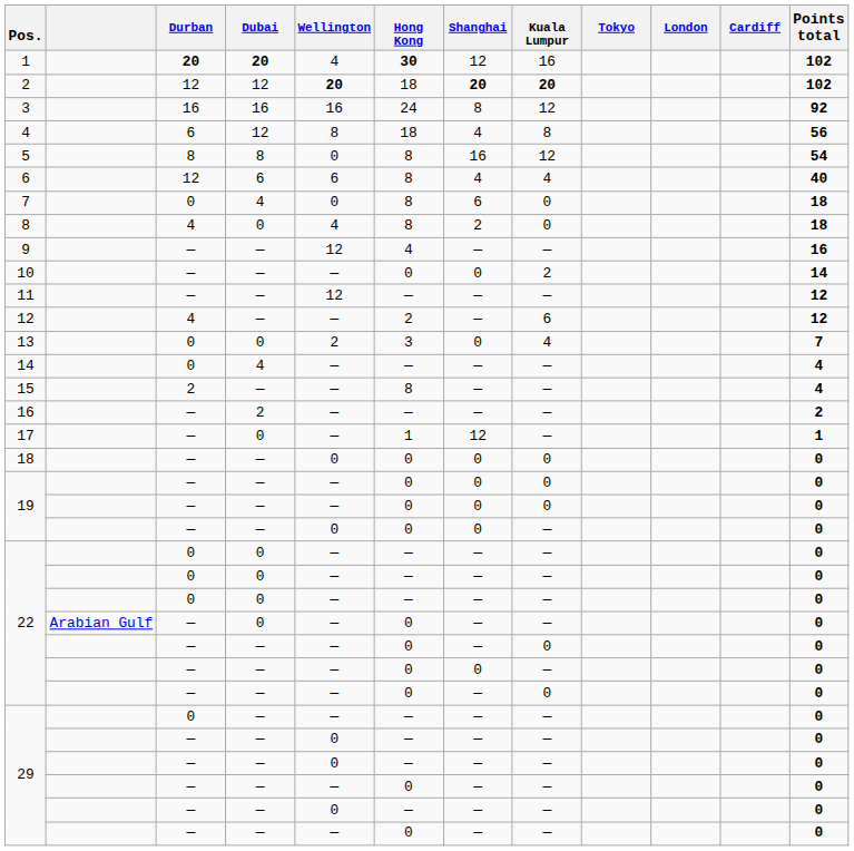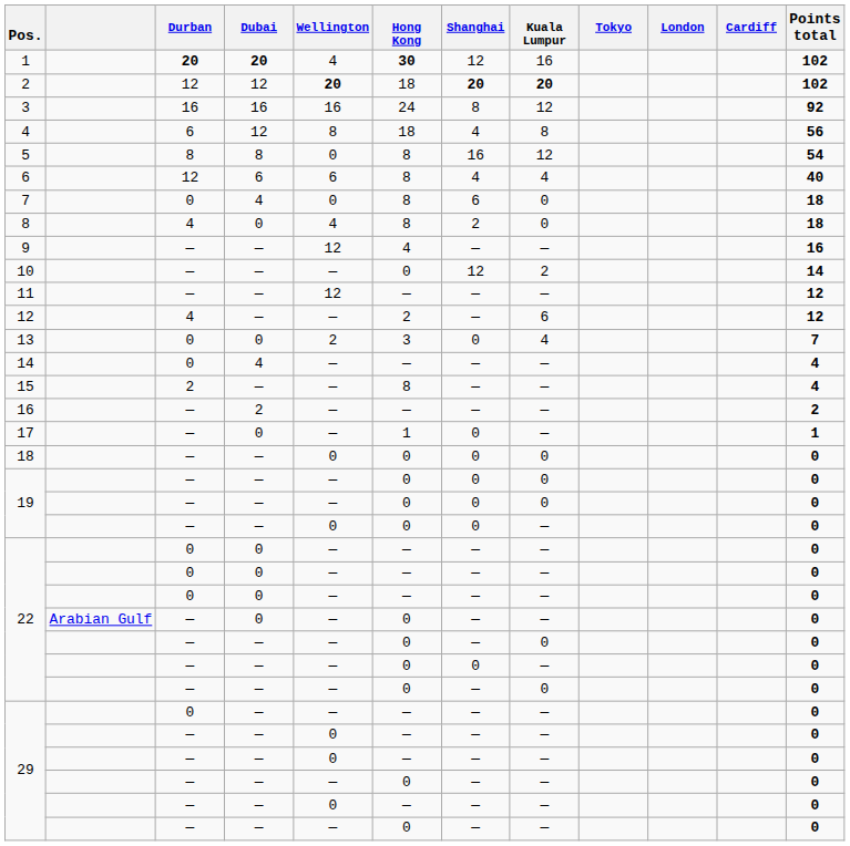 <table class="wikitable" style="text-align:center;">
 <tr>
 <th style="width:2em;"><br>Pos.</th>
 <th></th>
 <th style="width:5.2em; vertical-align:top; font-size:85%;"><br><a href='#'>Durban</a></th>
 <th style="width:5.2em; vertical-align:top; font-size:85%;"><br><a href='#'>Dubai</a></th>
 <th style="width:5.2em; vertical-align:top; font-size:85%;"><br><a href='#'>Wellington</a></th>
 <th style="width:5.2em; vertical-align:top; font-size:85%;"><br><a href='#'>Hong Kong</a></th>
 <th style="width:5.2em; vertical-align:top; font-size:85%;"><br> <a href='#'>Shanghai</a></th>
 <th style="width:5.2em; vertical-align:top; font-size:85%;"><br>Kuala Lumpur</th>
 <th style="width:5.2em; vertical-align:top; font-size:85%;"><br><a href='#'>Tokyo</a></th>
 <th style="width:5.2em; vertical-align:top; font-size:85%;"><br><a href='#'>London</a></th>
 <th style="width:5.2em; vertical-align:top; font-size:85%;"><br><a href='#'>Cardiff</a></th>
 <th>Points<br>total</th>
 </tr>
 <tr>
 <td>1</td>
 <td align=left></td>
 <td><strong>20</strong></td>
 <td><strong>20</strong></td>
 <td>4</td>
 <td><strong>30</strong></td>
 <td>12</td>
 <td>16</td>
 <td></td>
 <td></td>
 <td></td>
 <td><strong>102</strong></td>
 </tr>
 <tr>
 <td>2</td>
 <td align=left></td>
 <td>12</td>
 <td>12</td>
 <td><strong>20</strong></td>
 <td>18</td>
 <td><strong>20</strong></td>
 <td><strong>20</strong></td>
 <td></td>
 <td></td>
 <td></td>
 <td><strong>102</strong></td>
 </tr>
 <tr>
 <td>3</td>
 <td align=left></td>
 <td>16</td>
 <td>16</td>
 <td>16</td>
 <td>24</td>
 <td>8</td>
 <td>12</td>
 <td></td>
 <td></td>
 <td></td>
 <td><strong>92</strong></td>
 </tr>
 <tr>
 <td>4</td>
 <td align=left></td>
 <td>6</td>
 <td>12</td>
 <td>8</td>
 <td>18</td>
 <td>4</td>
 <td>8</td>
 <td></td>
 <td></td>
 <td></td>
 <td><strong>56</strong></td>
 </tr>
 <tr>
 <td>5</td>
 <td align=left></td>
 <td>8</td>
 <td>8</td>
 <td>0</td>
 <td>8</td>
 <td>16</td>
 <td>12</td>
 <td></td>
 <td></td>
 <td></td>
 <td><strong>54</strong></td>
 </tr>
 <tr>
 <td>6</td>
 <td align=left></td>
 <td>12</td>
 <td>6</td>
 <td>6</td>
 <td>8</td>
 <td>4</td>
 <td>4</td>
 <td></td>
 <td></td>
 <td></td>
 <td><strong>40</strong></td>
 </tr>
 <tr>
 <td>7</td>
 <td align=left></td>
 <td>0</td>
 <td>4</td>
 <td>0</td>
 <td>8</td>
 <td>6</td>
 <td>0</td>
 <td></td>
 <td></td>
 <td></td>
 <td><strong>18</strong></td>
 </tr>
 <tr>
 <td>8</td>
 <td align=left></td>
 <td>4</td>
 <td>0</td>
 <td>4</td>
 <td>8</td>
 <td>2</td>
 <td>0</td>
 <td></td>
 <td></td>
 <td></td>
 <td><strong>18</strong></td>
 </tr>
 <tr>
 <td>9</td>
 <td align=left></td>
 <td>—</td>
 <td>—</td>
 <td>12</td>
 <td>4</td>
 <td>—</td>
 <td>—</td>
 <td></td>
 <td></td>
 <td></td>
 <td><strong>16</strong></td>
 </tr>
 <tr>
 <td>10</td>
 <td align=left></td>
 <td>—</td>
 <td>—</td>
 <td>—</td>
 <td>0</td>
-<td>0</td>
+<td>12</td>
 <td>2</td>
 <td></td>
 <td></td>
 <td></td>
 <td><strong>14</strong></td>
 </tr>
 <tr>
 <td>11</td>
 <td align=left></td>
 <td>—</td>
 <td>—</td>
 <td>12</td>
 <td>—</td>
 <td>—</td>
 <td>—</td>
 <td></td>
 <td></td>
 <td></td>
 <td><strong>12</strong></td>
 </tr>
 <tr>
 <td>12</td>
 <td align=left></td>
 <td>4</td>
 <td>—</td>
 <td>—</td>
 <td>2</td>
 <td>—</td>
 <td>6</td>
 <td></td>
 <td></td>
 <td></td>
 <td><strong>12</strong></td>
 </tr>
 <tr>
 <td>13</td>
 <td align=left></td>
 <td>0</td>
 <td>0</td>
 <td>2</td>
 <td>3</td>
 <td>0</td>
 <td>4</td>
 <td></td>
 <td></td>
 <td></td>
 <td><strong>7</strong></td>
 </tr>
 <tr>
 <td>14</td>
 <td align=left></td>
 <td>0</td>
 <td>4</td>
 <td>—</td>
 <td>—</td>
 <td>—</td>
 <td>—</td>
 <td></td>
 <td></td>
 <td></td>
 <td><strong>4</strong></td>
 </tr>
 <tr>
 <td>15</td>
 <td align=left></td>
 <td>2</td>
 <td>—</td>
 <td>—</td>
 <td>8</td>
 <td>—</td>
 <td>—</td>
 <td></td>
 <td></td>
 <td></td>
 <td><strong>4</strong></td>
 </tr>
 <tr>
 <td>16</td>
 <td align=left></td>
 <td>—</td>
 <td>2</td>
 <td>—</td>
 <td>—</td>
 <td>—</td>
 <td>—</td>
 <td></td>
 <td></td>
 <td></td>
 <td><strong>2</strong></td>
 </tr>
 <tr>
 <td>17</td>
 <td align=left></td>
 <td>—</td>
 <td>0</td>
 <td>—</td>
 <td>1</td>
-<td>12</td>
+<td>0</td>
 <td>—</td>
 <td></td>
 <td></td>
 <td></td>
 <td><strong>1</strong></td>
 </tr>
 <tr>
 <td>18</td>
 <td align=left></td>
 <td>—</td>
 <td>—</td>
 <td>0</td>
 <td>0</td>
 <td>0</td>
 <td>0</td>
 <td></td>
 <td></td>
 <td></td>
 <td><strong>0</strong></td>
 </tr>
 <tr>
 <td rowspan=3>19</td>
 <td align=left></td>
 <td>—</td>
 <td>—</td>
 <td>—</td>
 <td>0</td>
 <td>0</td>
 <td>0</td>
 <td></td>
 <td></td>
 <td></td>
 <td><strong>0</strong></td>
 </tr>
 <tr>
 <td align=left></td>
 <td>—</td>
 <td>—</td>
 <td>—</td>
 <td>0</td>
 <td>0</td>
 <td>0</td>
 <td></td>
 <td></td>
 <td></td>
 <td><strong>0</strong></td>
 </tr>
 <tr>
 <td align=left></td>
 <td>—</td>
 <td>—</td>
 <td>0</td>
 <td>0</td>
 <td>0</td>
 <td>—</td>
 <td></td>
 <td></td>
 <td></td>
 <td><strong>0</strong></td>
 </tr>
 <tr>
 <td rowspan=7>22</td>
 <td align=left></td>
 <td>0</td>
 <td>0</td>
 <td>—</td>
 <td>—</td>
 <td>—</td>
 <td>—</td>
 <td></td>
 <td></td>
 <td></td>
 <td><strong>0</strong></td>
 </tr>
 <tr>
 <td align=left></td>
 <td>0</td>
 <td>0</td>
 <td>—</td>
 <td>—</td>
 <td>—</td>
 <td>—</td>
 <td></td>
 <td></td>
 <td></td>
 <td><strong>0</strong></td>
 </tr>
 <tr>
 <td align=left></td>
 <td>0</td>
 <td>0</td>
 <td>—</td>
 <td>—</td>
 <td>—</td>
 <td>—</td>
 <td></td>
 <td></td>
 <td></td>
 <td><strong>0</strong></td>
 </tr>
 <tr>
 <td align=left> <a href='#'>Arabian Gulf</a></td>
 <td>—</td>
 <td>0</td>
 <td>—</td>
 <td>0</td>
 <td>—</td>
 <td>—</td>
 <td></td>
 <td></td>
 <td></td>
 <td><strong>0</strong></td>
 </tr>
 <tr>
 <td align=left></td>
 <td>—</td>
 <td>—</td>
 <td>—</td>
 <td>0</td>
 <td>—</td>
 <td>0</td>
 <td></td>
 <td></td>
 <td></td>
 <td><strong>0</strong></td>
 </tr>
 <tr>
 <td align=left></td>
 <td>—</td>
 <td>—</td>
 <td>—</td>
 <td>0</td>
 <td>0</td>
 <td>—</td>
 <td></td>
 <td></td>
 <td></td>
 <td><strong>0</strong></td>
 </tr>
 <tr>
 <td align=left></td>
 <td>—</td>
 <td>—</td>
 <td>—</td>
 <td>0</td>
 <td>—</td>
 <td>0</td>
 <td></td>
 <td></td>
 <td></td>
 <td><strong>0</strong></td>
 </tr>
 <tr>
 <td rowspan=6>29</td>
 <td align=left></td>
 <td>0</td>
 <td>—</td>
 <td>—</td>
 <td>—</td>
 <td>—</td>
 <td>—</td>
 <td></td>
 <td></td>
 <td></td>
 <td><strong>0</strong></td>
 </tr>
 <tr>
 <td align=left></td>
 <td>—</td>
 <td>—</td>
 <td>0</td>
 <td>—</td>
 <td>—</td>
 <td>—</td>
 <td></td>
 <td></td>
 <td></td>
 <td><strong>0</strong></td>
 </tr>
 <tr>
 <td align=left></td>
 <td>—</td>
 <td>—</td>
 <td>0</td>
 <td>—</td>
 <td>—</td>
 <td>—</td>
 <td></td>
 <td></td>
 <td></td>
 <td><strong>0</strong></td>
 </tr>
 <tr>
 <td align=left></td>
 <td>—</td>
 <td>—</td>
 <td>—</td>
 <td>0</td>
 <td>—</td>
 <td>—</td>
 <td></td>
 <td></td>
 <td></td>
 <td><strong>0</strong></td>
 </tr>
 <tr>
 <td align=left></td>
 <td>—</td>
 <td>—</td>
 <td>0</td>
 <td>—</td>
 <td>—</td>
 <td>—</td>
 <td></td>
 <td></td>
 <td></td>
 <td><strong>0</strong></td>
 </tr>
 <tr>
 <td align=left></td>
 <td>—</td>
 <td>—</td>
 <td>—</td>
 <td>0</td>
 <td>—</td>
 <td>—</td>
 <td></td>
 <td></td>
 <td></td>
 <td><strong>0</strong></td>
 </tr>
 </table>
